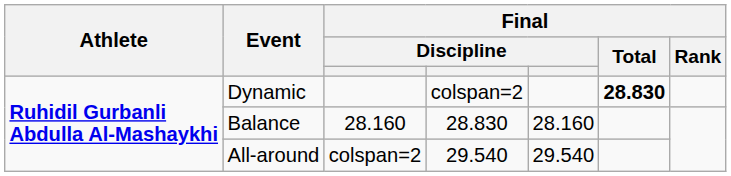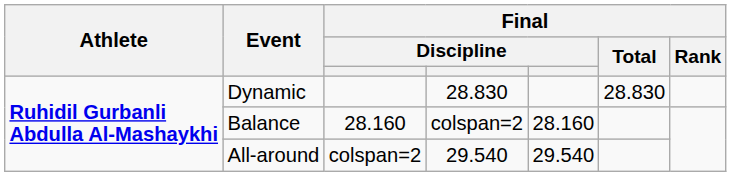 <table class="wikitable" style="text-align:center; font-size:90%">
 <tr>
 <th rowspan=3>Athlete</th>
 <th rowspan=3>Event</th>
 <th colspan=5>Final</th>
 </tr>
 <tr style="font-size:95%">
 <th colspan=3>Discipline</th>
 <th rowspan=2>Total</th>
 <th rowspan=2>Rank</th>
 </tr>
 <tr style="font-size:95%">
 <th></th>
 <th></th>
 <th></th>
 </tr>
 <tr>
 <td rowspan=3 align=left><strong><a href='#'>Ruhidil Gurbanli</a></strong><br><strong><a href='#'>Abdulla Al-Mashaykhi</a></strong></td>
 <td align=left>Dynamic</td>
 <td></td>
-<td>colspan=2 </td>
+<td>28.830</td>
 <td></td>
-<td><strong>28.830</strong></td>
+<td>28.830</td>
 <td></td>
 </tr>
 <tr>
 <td align=left>Balance</td>
 <td>28.160</td>
-<td>28.830</td>
+<td>colspan=2 </td>
 <td>28.160</td>
 <td></td>
 </tr>
 <tr>
 <td align=left>All-around</td>
 <td>colspan=2 </td>
 <td>29.540</td>
 <td>29.540</td>
 <td></td>
 </tr>
 </table>
